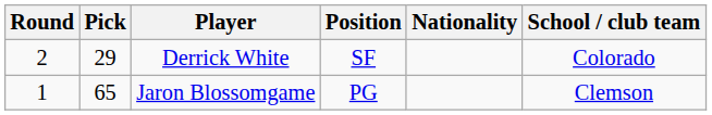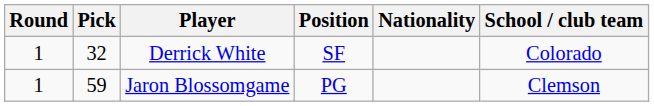 <table class="wikitable sortable sortable">
 <tr>
 <th>Round</th>
 <th>Pick</th>
 <th>Player</th>
 <th>Position</th>
 <th>Nationality</th>
 <th>School / club team</th>
 </tr>
 <tr style="text-align: center">
-<td>2</td>
-<td>29</td>
+<td>1</td>
+<td>32</td>
 <td><a href='#'>Derrick White</a></td>
 <td><a href='#'>SF</a></td>
 <td></td>
 <td><a href='#'>Colorado</a></td>
 </tr>
 <tr style="text-align: center">
 <td>1</td>
-<td>65</td>
+<td>59</td>
 <td><a href='#'>Jaron Blossomgame</a></td>
 <td><a href='#'>PG</a></td>
 <td></td>
 <td><a href='#'>Clemson</a></td>
 </tr>
 </table>
